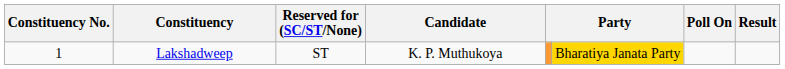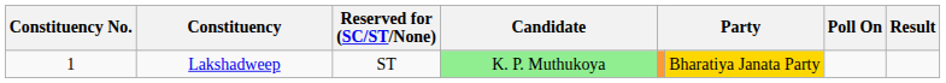 <table class="wikitable sortable" style="text-align:center">
 <tr>
 <th>Constituency No.</th>
 <th style="width:180px;">Constituency</th>
 <th>Reserved for<br>(<a href='#'>SC/ST</a>/None)</th>
 <th style="width:200px;">Candidate</th>
 <th colspan="2">Party</th>
 <th>Poll On</th>
 <th>Result</th>
 </tr>
 <tr>
 <td style="text-align:center;">1</td>
 <td><a href='#'>Lakshadweep</a></td>
 <td>ST</td>
-<td>K. P. Muthukoya</td>
+<td style="background: lightgreen;">K. P. Muthukoya</td>
 <td bgcolor=#FF9933></td>
 <td style="background: gold;">Bharatiya Janata Party</td>
 <td></td>
 <td></td>
 </tr>
 </table>
